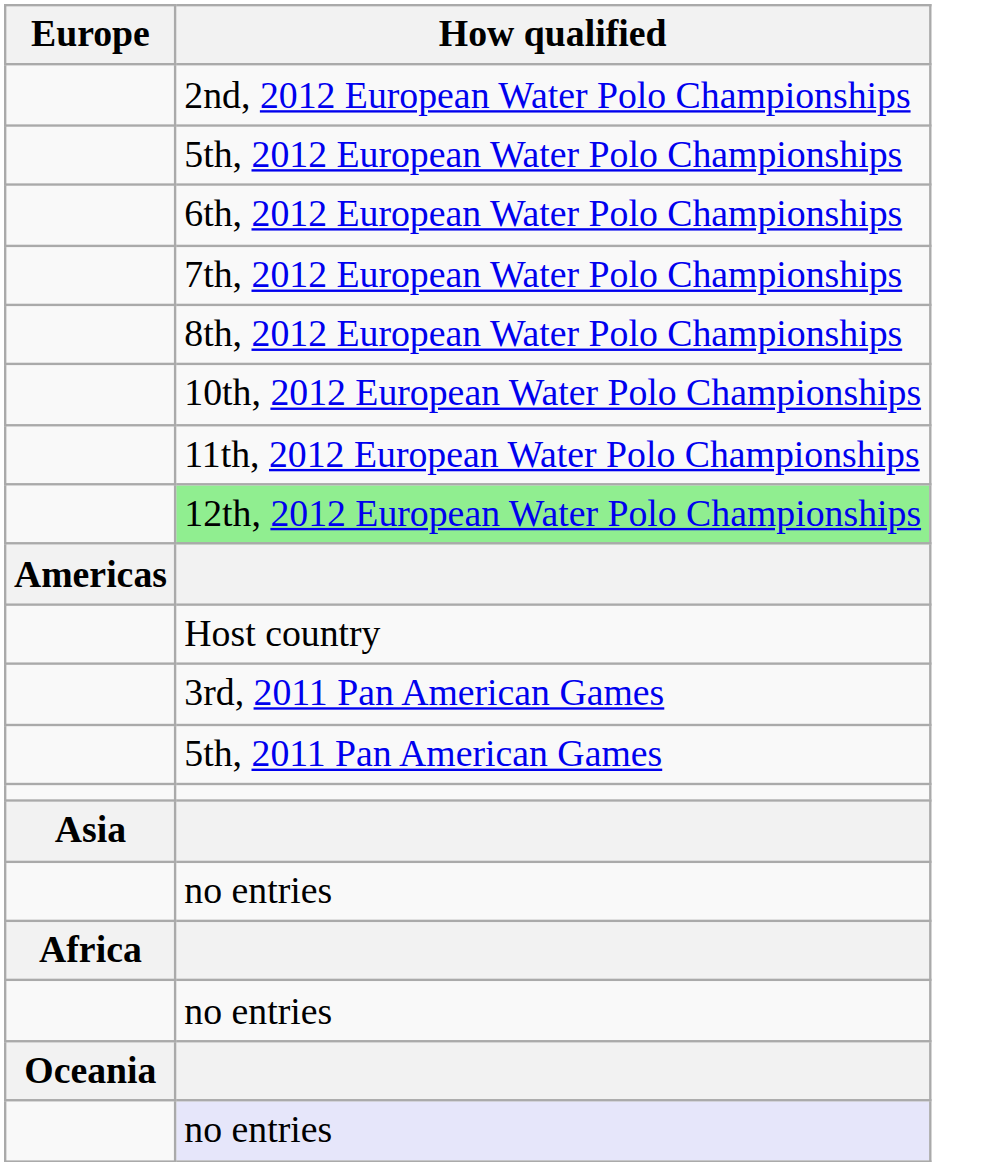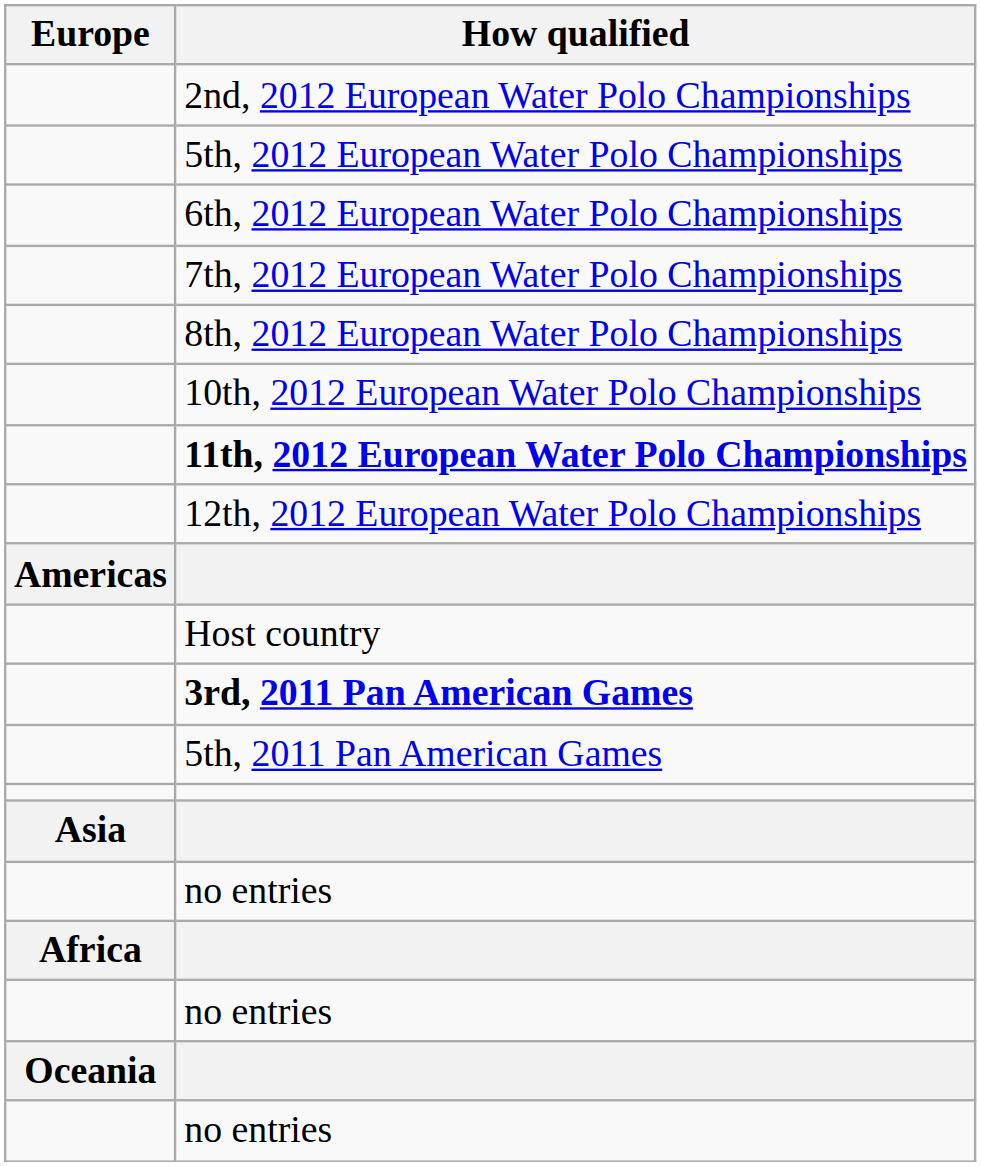 <table class="wikitable">
 <tr>
 <th>Europe</th>
 <th>How qualified</th>
 </tr>
 <tr>
 <td></td>
 <td>2nd, <a href='#'>2012 European Water Polo Championships</a></td>
 </tr>
 <tr>
 <td></td>
 <td>5th, <a href='#'>2012 European Water Polo Championships</a></td>
 </tr>
 <tr>
 <td></td>
 <td>6th, <a href='#'>2012 European Water Polo Championships</a></td>
 </tr>
 <tr>
 <td></td>
 <td>7th, <a href='#'>2012 European Water Polo Championships</a></td>
 </tr>
 <tr>
 <td></td>
 <td>8th, <a href='#'>2012 European Water Polo Championships</a></td>
 </tr>
 <tr>
 <td></td>
 <td>10th, <a href='#'>2012 European Water Polo Championships</a></td>
 </tr>
 <tr>
 <td></td>
-<td>11th, <a href='#'>2012 European Water Polo Championships</a></td>
+<td><strong>11th, <a href='#'>2012 European Water Polo Championships</a></strong></td>
 </tr>
 <tr>
 <td></td>
-<td style="background: lightgreen;">12th, <a href='#'>2012 European Water Polo Championships</a></td>
+<td>12th, <a href='#'>2012 European Water Polo Championships</a></td>
 </tr>
 <tr>
 <th>Americas</th>
 <th></th>
 </tr>
 <tr>
 <td></td>
 <td>Host country</td>
 </tr>
 <tr>
 <td></td>
-<td>3rd, <a href='#'>2011 Pan American Games</a></td>
+<td><strong>3rd, <a href='#'>2011 Pan American Games</a></strong></td>
 </tr>
 <tr>
 <td></td>
 <td>5th, <a href='#'>2011 Pan American Games</a></td>
 </tr>
 <tr>
 <td><s></s></td>
 </tr>
 <tr>
 <th>Asia</th>
 <th></th>
 </tr>
 <tr>
 <td></td>
 <td>no entries</td>
 </tr>
 <tr>
 <th>Africa</th>
 <th></th>
 </tr>
 <tr>
 <td></td>
 <td>no entries</td>
 </tr>
 <tr>
 <th>Oceania</th>
 <th></th>
 </tr>
 <tr>
 <td></td>
-<td style="background: lavender;">no entries</td>
+<td>no entries</td>
 </tr>
 </table>
